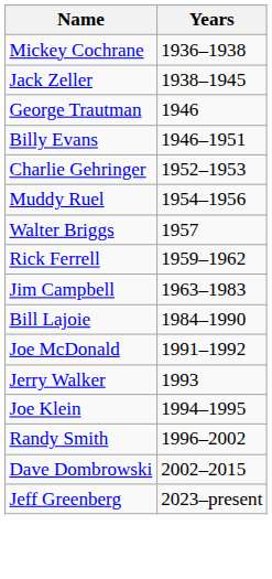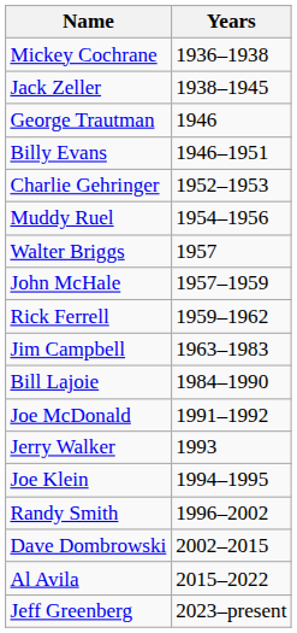 <table class="wikitable">
 <tr>
 <th>Name</th>
 <th>Years</th>
 </tr>
 <tr>
 <td><a href='#'>Mickey Cochrane</a></td>
 <td>1936–1938</td>
 </tr>
 <tr>
 <td><a href='#'>Jack Zeller</a></td>
 <td>1938–1945</td>
 </tr>
 <tr>
 <td><a href='#'>George Trautman</a></td>
 <td>1946</td>
 </tr>
 <tr>
 <td><a href='#'>Billy Evans</a></td>
 <td>1946–1951</td>
 </tr>
 <tr>
 <td><a href='#'>Charlie Gehringer</a></td>
 <td>1952–1953</td>
 </tr>
 <tr>
 <td><a href='#'>Muddy Ruel</a></td>
 <td>1954–1956</td>
 </tr>
 <tr>
 <td><a href='#'>Walter Briggs</a></td>
 <td>1957</td>
 </tr>
 <tr>
+<td><a href='#'>John McHale</a></td>
+<td>1957–1959</td>
+</tr>
+<tr>
 <td><a href='#'>Rick Ferrell</a></td>
 <td>1959–1962</td>
 </tr>
 <tr>
 <td><a href='#'>Jim Campbell</a></td>
 <td>1963–1983</td>
 </tr>
 <tr>
 <td><a href='#'>Bill Lajoie</a></td>
 <td>1984–1990</td>
 </tr>
 <tr>
 <td><a href='#'>Joe McDonald</a></td>
 <td>1991–1992</td>
 </tr>
 <tr>
 <td><a href='#'>Jerry Walker</a></td>
 <td>1993</td>
 </tr>
 <tr>
 <td><a href='#'>Joe Klein</a></td>
 <td>1994–1995</td>
 </tr>
 <tr>
 <td><a href='#'>Randy Smith</a></td>
 <td>1996–2002</td>
 </tr>
 <tr>
 <td><a href='#'>Dave Dombrowski</a></td>
 <td>2002–2015</td>
 </tr>
 <tr>
+<td><a href='#'>Al Avila</a></td>
+<td>2015–2022</td>
+</tr>
+<tr>
 <td><a href='#'>Jeff Greenberg</a></td>
 <td>2023–present</td>
 </tr>
 </table>
